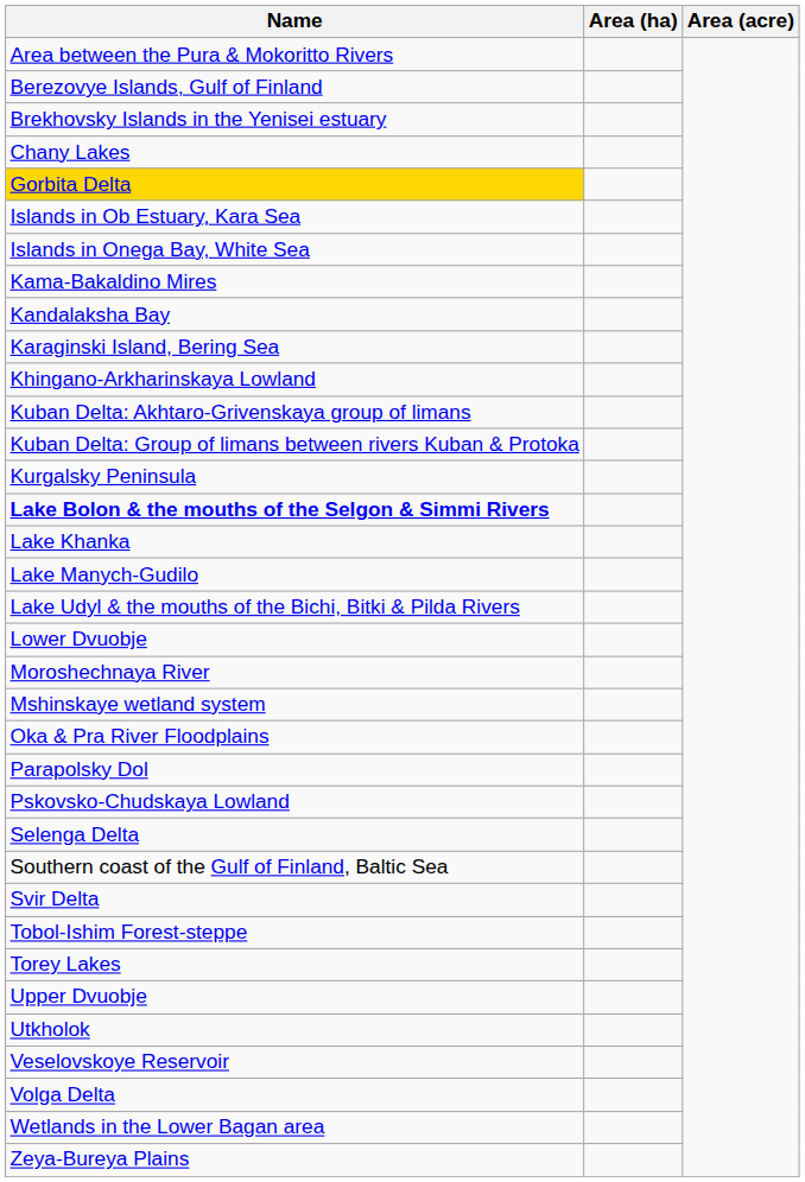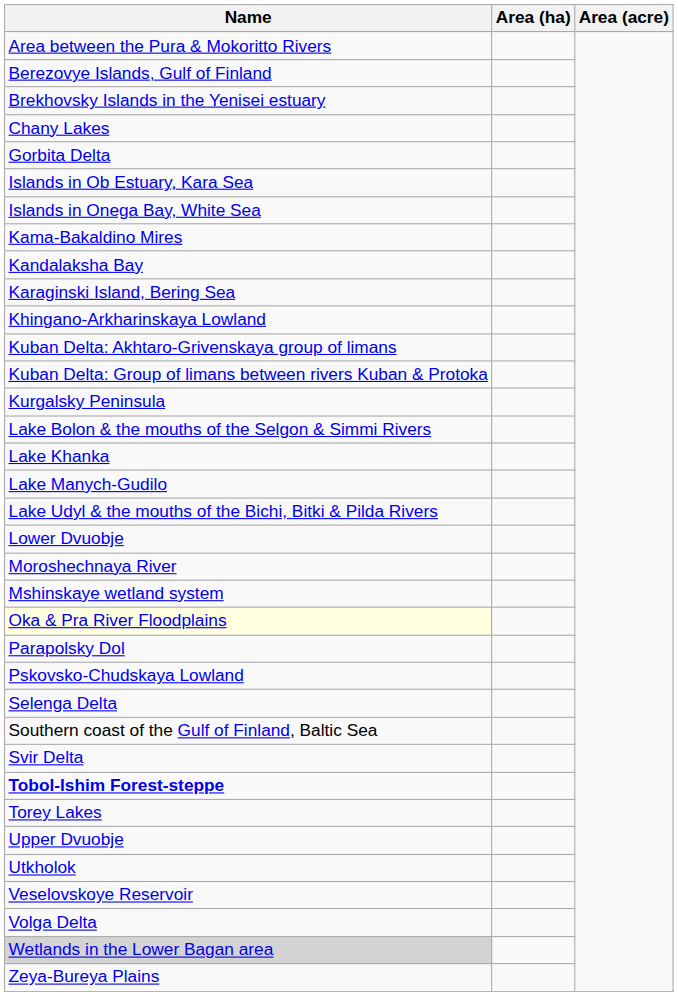 <table class="wikitable">
 <tr>
 <th scope="col" align=left>Name</th>
 <th scope="col">Area (ha)</th>
 <th scope="col">Area (acre)</th>
 </tr>
 <tr ---->
 <td><a href='#'>Area between the Pura & Mokoritto Rivers</a></td>
 <td></td>
 </tr>
 <tr ---->
 <td><a href='#'>Berezovye Islands, Gulf of Finland</a></td>
 <td></td>
 </tr>
 <tr ---->
 <td><a href='#'>Brekhovsky Islands in the Yenisei estuary</a></td>
 <td></td>
 </tr>
 <tr ---->
 <td><a href='#'>Chany Lakes</a></td>
 <td></td>
 </tr>
 <tr ---->
-<td style="background: gold;"><a href='#'>Gorbita Delta</a></td>
+<td><a href='#'>Gorbita Delta</a></td>
 <td></td>
 </tr>
 <tr ---->
 <td><a href='#'>Islands in Ob Estuary, Kara Sea</a></td>
 <td></td>
 </tr>
 <tr ---->
 <td><a href='#'>Islands in Onega Bay, White Sea</a></td>
 <td></td>
 </tr>
 <tr ---->
 <td><a href='#'>Kama-Bakaldino Mires</a></td>
 <td></td>
 </tr>
 <tr ---->
 <td><a href='#'>Kandalaksha Bay</a></td>
 <td></td>
 </tr>
 <tr ---->
 <td><a href='#'>Karaginski Island, Bering Sea</a></td>
 <td></td>
 </tr>
 <tr ---->
 <td><a href='#'>Khingano-Arkharinskaya Lowland</a></td>
 <td></td>
 </tr>
 <tr ---->
 <td><a href='#'>Kuban Delta: Akhtaro-Grivenskaya group of limans</a></td>
 <td></td>
 </tr>
 <tr ---->
 <td><a href='#'>Kuban Delta: Group of limans between rivers Kuban & Protoka</a></td>
 <td></td>
 </tr>
 <tr ---->
 <td><a href='#'>Kurgalsky Peninsula</a></td>
 <td></td>
 </tr>
 <tr ---->
-<td><strong><a href='#'>Lake Bolon & the mouths of the Selgon & Simmi Rivers</a></strong></td>
+<td><a href='#'>Lake Bolon & the mouths of the Selgon & Simmi Rivers</a></td>
 <td></td>
 </tr>
 <tr ---->
 <td><a href='#'>Lake Khanka</a></td>
 <td></td>
 </tr>
 <tr ---->
 <td><a href='#'>Lake Manych-Gudilo</a></td>
 <td></td>
 </tr>
 <tr ---->
 <td><a href='#'>Lake Udyl & the mouths of the Bichi, Bitki & Pilda Rivers</a></td>
 <td></td>
 </tr>
 <tr ---->
 <td><a href='#'>Lower Dvuobje</a></td>
 <td></td>
 </tr>
 <tr ---->
 <td><a href='#'>Moroshechnaya River</a></td>
 <td></td>
 </tr>
 <tr ---->
 <td><a href='#'>Mshinskaye wetland system</a></td>
 <td></td>
 </tr>
 <tr ---->
-<td><a href='#'>Oka & Pra River Floodplains</a></td>
+<td style="background: lightyellow;"><a href='#'>Oka & Pra River Floodplains</a></td>
 <td></td>
 </tr>
 <tr ---->
 <td><a href='#'>Parapolsky Dol</a></td>
 <td></td>
 </tr>
 <tr ---->
 <td><a href='#'>Pskovsko-Chudskaya Lowland</a></td>
 <td></td>
 </tr>
 <tr ---->
 <td><a href='#'>Selenga Delta</a></td>
 <td></td>
 </tr>
 <tr ---->
 <td>Southern coast of the <a href='#'>Gulf of Finland</a>, Baltic Sea</td>
 <td></td>
 </tr>
 <tr ---->
 <td><a href='#'>Svir Delta</a></td>
 <td></td>
 </tr>
 <tr ---->
-<td><a href='#'>Tobol-Ishim Forest-steppe</a></td>
+<td><strong><a href='#'>Tobol-Ishim Forest-steppe</a></strong></td>
 <td></td>
 </tr>
 <tr ---->
 <td><a href='#'>Torey Lakes</a></td>
 <td></td>
 </tr>
 <tr ---->
 <td><a href='#'>Upper Dvuobje</a></td>
 <td></td>
 </tr>
 <tr ---->
 <td><a href='#'>Utkholok</a></td>
 <td></td>
 </tr>
 <tr ---->
 <td><a href='#'>Veselovskoye Reservoir</a></td>
 <td></td>
 </tr>
 <tr ---->
 <td><a href='#'>Volga Delta</a></td>
 <td></td>
 </tr>
 <tr ---->
-<td><a href='#'>Wetlands in the Lower Bagan area</a></td>
+<td style="background: lightgrey;"><a href='#'>Wetlands in the Lower Bagan area</a></td>
 <td></td>
 </tr>
 <tr ---->
 <td><a href='#'>Zeya-Bureya Plains</a></td>
 <td></td>
 </tr>
 </table>
